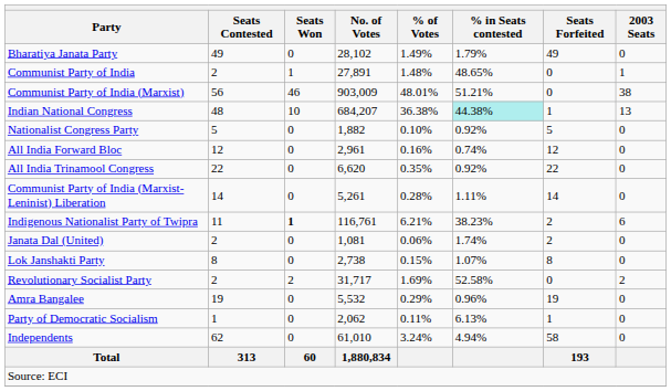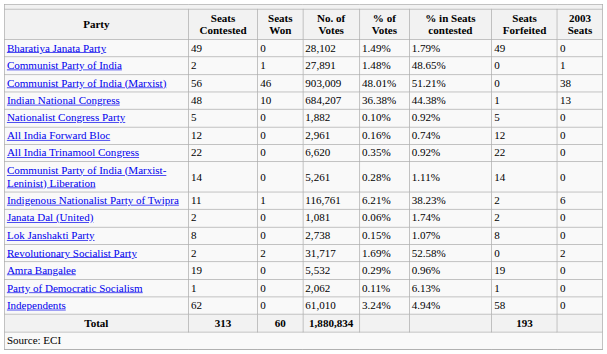 <table class="wikitable sortable">
 <tr>
 <th colspan=10></th>
 </tr>
 <tr>
 <th>Party</th>
 <th>Seats Contested</th>
 <th>Seats Won</th>
 <th>No. of Votes</th>
 <th>% of Votes</th>
 <th>% in Seats contested</th>
 <th>Seats Forfeited</th>
 <th>2003 Seats</th>
 </tr>
 <tr>
 <td><a href='#'>Bharatiya Janata Party</a></td>
 <td>49</td>
 <td>0</td>
 <td>28,102</td>
 <td>1.49%</td>
 <td>1.79%</td>
 <td>49</td>
 <td>0</td>
 </tr>
 <tr>
 <td><a href='#'>Communist Party of India</a></td>
 <td>2</td>
 <td>1</td>
 <td>27,891</td>
 <td>1.48%</td>
 <td>48.65%</td>
 <td>0</td>
 <td>1</td>
 </tr>
 <tr>
 <td><a href='#'>Communist Party of India (Marxist)</a></td>
 <td>56</td>
 <td>46</td>
 <td>903,009</td>
 <td>48.01%</td>
 <td>51.21%</td>
 <td>0</td>
 <td>38</td>
 </tr>
 <tr>
 <td><a href='#'>Indian National Congress</a></td>
 <td>48</td>
 <td>10</td>
 <td>684,207</td>
 <td>36.38%</td>
-<td style="background: paleturquoise;">44.38%</td>
+<td>44.38%</td>
 <td>1</td>
 <td>13</td>
 </tr>
 <tr>
 <td><a href='#'>Nationalist Congress Party</a></td>
 <td>5</td>
 <td>0</td>
 <td>1,882</td>
 <td>0.10%</td>
 <td>0.92%</td>
 <td>5</td>
 <td>0</td>
 </tr>
 <tr>
 <td><a href='#'>All India Forward Bloc</a></td>
 <td>12</td>
 <td>0</td>
 <td>2,961</td>
 <td>0.16%</td>
 <td>0.74%</td>
 <td>12</td>
 <td>0</td>
 </tr>
 <tr>
 <td><a href='#'>All India Trinamool Congress</a></td>
 <td>22</td>
 <td>0</td>
 <td>6,620</td>
 <td>0.35%</td>
 <td>0.92%</td>
 <td>22</td>
 <td>0</td>
 </tr>
 <tr>
 <td><a href='#'>Communist Party of India (Marxist-Leninist) Liberation</a></td>
 <td>14</td>
 <td>0</td>
 <td>5,261</td>
 <td>0.28%</td>
 <td>1.11%</td>
 <td>14</td>
 <td>0</td>
 </tr>
 <tr>
 <td><a href='#'>Indigenous Nationalist Party of Twipra</a></td>
 <td>11</td>
-<td><strong>1</strong></td>
+<td>1</td>
 <td>116,761</td>
 <td>6.21%</td>
 <td>38.23%</td>
 <td>2</td>
 <td>6</td>
 </tr>
 <tr>
 <td><a href='#'>Janata Dal (United)</a></td>
 <td>2</td>
 <td>0</td>
 <td>1,081</td>
 <td>0.06%</td>
 <td>1.74%</td>
 <td>2</td>
 <td>0</td>
 </tr>
 <tr>
 <td><a href='#'>Lok Janshakti Party</a></td>
 <td>8</td>
 <td>0</td>
 <td>2,738</td>
 <td>0.15%</td>
 <td>1.07%</td>
 <td>8</td>
 <td>0</td>
 </tr>
 <tr>
 <td><a href='#'>Revolutionary Socialist Party</a></td>
 <td>2</td>
 <td>2</td>
 <td>31,717</td>
 <td>1.69%</td>
 <td>52.58%</td>
 <td>0</td>
 <td>2</td>
 </tr>
 <tr>
 <td><a href='#'>Amra Bangalee</a></td>
 <td>19</td>
 <td>0</td>
 <td>5,532</td>
 <td>0.29%</td>
 <td>0.96%</td>
 <td>19</td>
 <td>0</td>
 </tr>
 <tr>
 <td><a href='#'>Party of Democratic Socialism</a></td>
 <td>1</td>
 <td>0</td>
 <td>2,062</td>
 <td>0.11%</td>
 <td>6.13%</td>
 <td>1</td>
 <td>0</td>
 </tr>
 <tr>
 <td><a href='#'>Independents</a></td>
 <td>62</td>
 <td>0</td>
 <td>61,010</td>
 <td>3.24%</td>
 <td>4.94%</td>
 <td>58</td>
 <td>0</td>
 </tr>
 <tr>
 <th>Total</th>
 <th>313</th>
 <th>60</th>
 <th>1,880,834</th>
 <th></th>
 <th></th>
 <th>193</th>
 <th></th>
 </tr>
 <tr>
 <td colspan=10>Source: ECI</td>
 </tr>
 <tr>
 </tr>
 </table>
